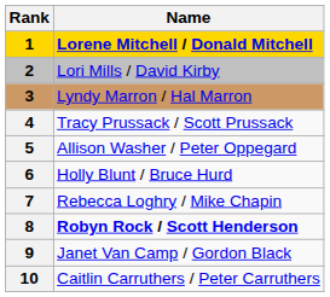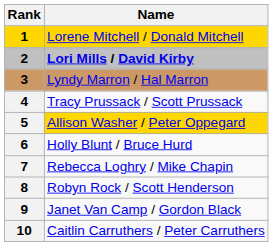 <table class="wikitable">
 <tr>
 <th>Rank</th>
 <th>Name</th>
 </tr>
 <tr bgcolor="gold">
 <td align="center"><strong>1</strong></td>
-<td><strong><a href='#'>Lorene Mitchell</a> / <a href='#'>Donald Mitchell</a></strong></td>
+<td><a href='#'>Lorene Mitchell</a> / <a href='#'>Donald Mitchell</a></td>
 </tr>
 <tr bgcolor="silver">
 <td align="center"><strong>2</strong></td>
-<td><a href='#'>Lori Mills</a> / <a href='#'>David Kirby</a></td>
+<td><strong><a href='#'>Lori Mills</a> / <a href='#'>David Kirby</a></strong></td>
 </tr>
 <tr bgcolor="cc9966">
 <td align="center"><strong>3</strong></td>
 <td><a href='#'>Lyndy Marron</a> / <a href='#'>Hal Marron</a></td>
 </tr>
 <tr>
 <th>4</th>
 <td><a href='#'>Tracy Prussack</a> / <a href='#'>Scott Prussack</a></td>
 </tr>
 <tr>
 <th>5</th>
-<td><a href='#'>Allison Washer</a> / <a href='#'>Peter Oppegard</a></td>
+<td style="background: gold;"><a href='#'>Allison Washer</a> / <a href='#'>Peter Oppegard</a></td>
 </tr>
 <tr>
 <th>6</th>
 <td><a href='#'>Holly Blunt</a> / <a href='#'>Bruce Hurd</a></td>
 </tr>
 <tr>
 <th>7</th>
 <td><a href='#'>Rebecca Loghry</a> / <a href='#'>Mike Chapin</a></td>
 </tr>
 <tr>
 <th>8</th>
-<td><strong><a href='#'>Robyn Rock</a> / <a href='#'>Scott Henderson</a></strong></td>
+<td><a href='#'>Robyn Rock</a> / <a href='#'>Scott Henderson</a></td>
 </tr>
 <tr>
 <th>9</th>
 <td><a href='#'>Janet Van Camp</a> / <a href='#'>Gordon Black</a></td>
 </tr>
 <tr>
 <th>10</th>
 <td><a href='#'>Caitlin Carruthers</a> / <a href='#'>Peter Carruthers</a></td>
 </tr>
 </table>
